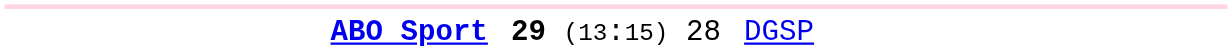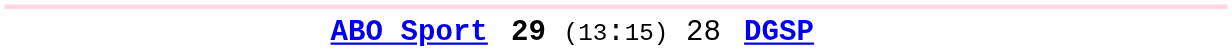 <table style="text-align:center" width=550>
 <tr>
 <th width=30%></th>
 <th width=15%></th>
 <th width=30%></th>
 </tr>
 <tr align="left" bgcolor=#ffd4e4>
 <td colspan=4></td>
 </tr>
 <tr>
 <td align="right"><strong><a href='#'>ABO Sport</a></strong> </td>
 <td><strong>29</strong> <small>(13</small>:<small>15)</small> 28</td>
-<td align=left> <a href='#'>DGSP</a></td>
+<td align=left><strong> <a href='#'>DGSP</a></strong></td>
 </tr>
 </table>
